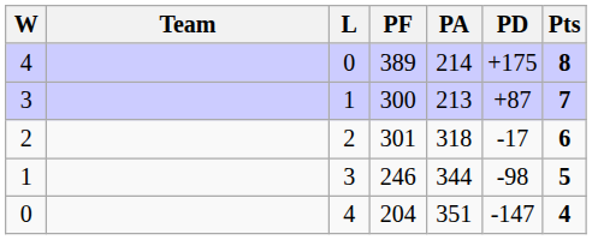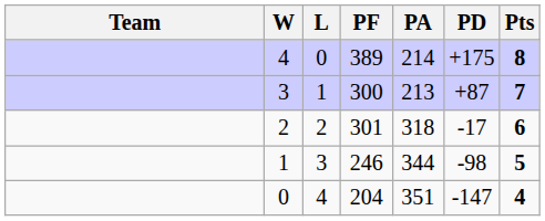 <table class="wikitable" style="text-align:center;">
 <tr>
+<th width=180>Team</th>
 <th width=20>W</th>
-<th width=180>Team</th>
 <th width=20>L</th>
 <th width=30>PF</th>
 <th width=30>PA</th>
 <th width=30>PD</th>
 <th width=20>Pts</th>
 </tr>
 <tr bgcolor="#CCCCFF">
+<td align=left></td>
 <td>4</td>
-<td align=left></td>
 <td>0</td>
 <td>389</td>
 <td>214</td>
 <td>+175</td>
 <td><strong>8</strong></td>
 </tr>
 <tr bgcolor="#CCCCFF">
+<td align=left></td>
 <td>3</td>
-<td align=left></td>
 <td>1</td>
 <td>300</td>
 <td>213</td>
 <td>+87</td>
 <td><strong>7</strong></td>
 </tr>
 <tr>
+<td align=left></td>
 <td>2</td>
-<td align=left></td>
 <td>2</td>
 <td>301</td>
 <td>318</td>
 <td>-17</td>
 <td><strong>6</strong></td>
 </tr>
 <tr>
+<td align=left></td>
 <td>1</td>
-<td align=left></td>
 <td>3</td>
 <td>246</td>
 <td>344</td>
 <td>-98</td>
 <td><strong>5</strong></td>
 </tr>
 <tr>
+<td align=left></td>
 <td>0</td>
-<td align=left></td>
 <td>4</td>
 <td>204</td>
 <td>351</td>
 <td>-147</td>
 <td><strong>4</strong></td>
 </tr>
 </table>
